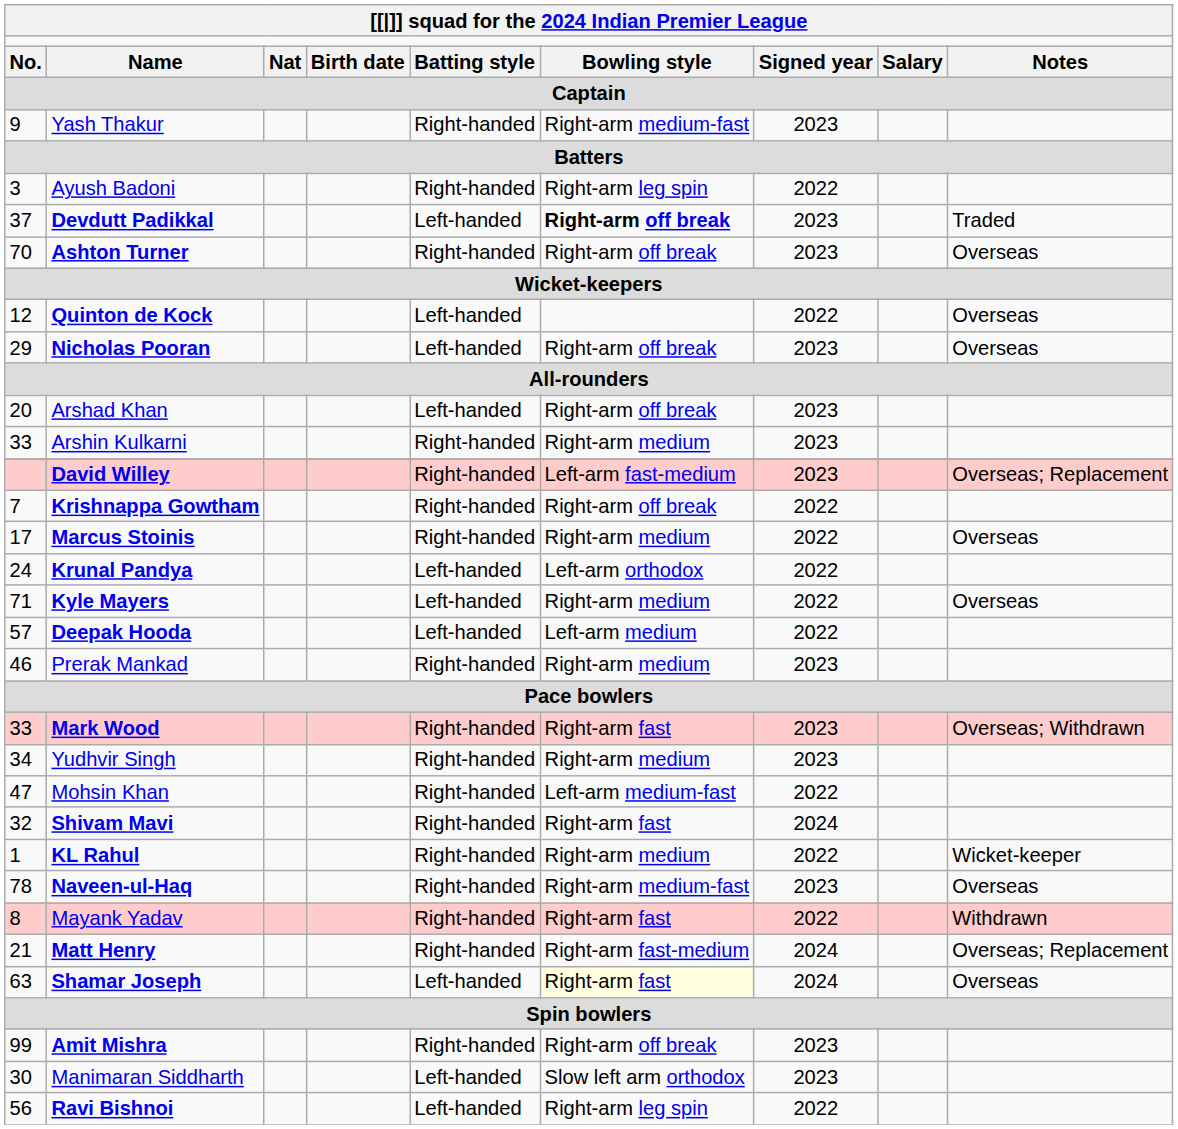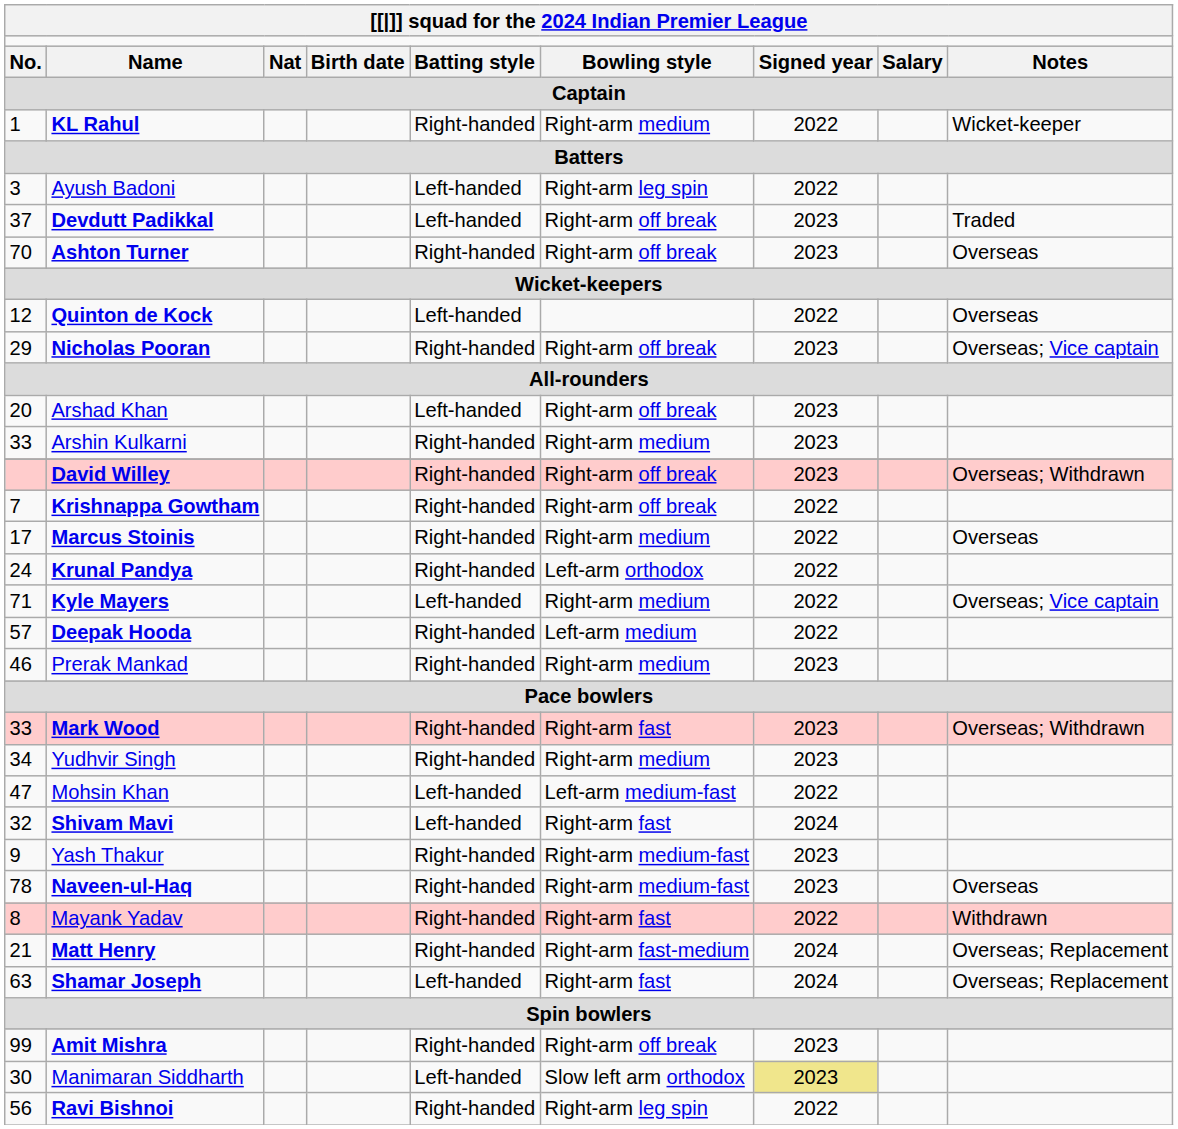 <table class="wikitable mw-collapsible mw-collapsed" style="font-size:85%">
 <tr>
 <th colspan="9" style="background:#"><span>[[|<span></span>]] squad for the <a href='#'><span>2024 Indian Premier League</span></a></span></th>
 </tr>
 <tr>
 <td colspan="9"></td>
 </tr>
 <tr>
 <th>No.</th>
 <th>Name</th>
 <th>Nat</th>
 <th>Birth date</th>
 <th>Batting style</th>
 <th>Bowling style</th>
 <th>Signed year</th>
 <th>Salary</th>
 <th>Notes</th>
 </tr>
 <tr>
 <th colspan="9"  style="background:#dcdcdc; text-align:center;">Captain</th>
 </tr>
 <tr>
-<td>9</td>
-<td><a href='#'>Yash Thakur</a></td>
+<td>1</td>
+<td><strong><a href='#'>KL Rahul</a></strong></td>
 <td></td>
 <td></td>
 <td>Right-handed</td>
-<td>Right-arm <a href='#'>medium-fast</a></td>
-<td style="text-align:center;">2023</td>
+<td>Right-arm <a href='#'>medium</a></td>
+<td style="text-align:center;">2022</td>
 <td style="text-align:right;"></td>
-<td></td>
+<td>Wicket-keeper</td>
 </tr>
 <tr>
 <th colspan="9"  style="background:#dcdcdc; text-align:center;">Batters</th>
 </tr>
 <tr>
 <td>3</td>
 <td><a href='#'>Ayush Badoni</a></td>
 <td></td>
 <td></td>
-<td>Right-handed</td>
+<td>Left-handed</td>
 <td>Right-arm <a href='#'>leg spin</a></td>
 <td style="text-align:center;">2022</td>
 <td style="text-align:right;"></td>
 <td></td>
 </tr>
 <tr>
 <td>37</td>
 <td><strong><a href='#'>Devdutt Padikkal</a></strong></td>
 <td></td>
 <td></td>
 <td>Left-handed</td>
-<td><strong>Right-arm <a href='#'>off break</a></strong></td>
+<td>Right-arm <a href='#'>off break</a></td>
 <td style="text-align:center;">2023</td>
 <td style="text-align:right;"></td>
 <td>Traded</td>
 </tr>
 <tr>
 <td>70</td>
 <td><strong><a href='#'>Ashton Turner</a></strong></td>
 <td></td>
 <td></td>
 <td>Right-handed</td>
 <td>Right-arm <a href='#'>off break</a></td>
 <td style="text-align:center;">2023</td>
 <td style="text-align:right;"></td>
 <td>Overseas</td>
 </tr>
 <tr>
 <th colspan="9"  style="background:#dcdcdc; text-align:center;">Wicket-keepers</th>
 </tr>
 <tr>
 <td>12</td>
 <td><strong><a href='#'>Quinton de Kock</a></strong></td>
 <td></td>
 <td></td>
 <td>Left-handed</td>
 <td></td>
 <td style="text-align:center;">2022</td>
 <td style="text-align:right;"></td>
 <td>Overseas</td>
 </tr>
 <tr>
 <td>29</td>
 <td><strong><a href='#'>Nicholas Pooran</a></strong></td>
 <td></td>
 <td></td>
-<td>Left-handed</td>
+<td>Right-handed</td>
 <td>Right-arm <a href='#'>off break</a></td>
 <td style="text-align:center;">2023</td>
 <td style="text-align:right;"></td>
-<td>Overseas</td>
+<td>Overseas; <a href='#'>Vice captain</a></td>
 </tr>
 <tr>
 <th colspan="9"  style="background:#dcdcdc; text-align:center;">All-rounders</th>
 </tr>
 <tr>
 <td>20</td>
 <td><a href='#'>Arshad Khan</a></td>
 <td></td>
 <td></td>
 <td>Left-handed</td>
 <td>Right-arm <a href='#'>off break</a></td>
 <td style="text-align:center;">2023</td>
 <td style="text-align:right;"></td>
 <td></td>
 </tr>
 <tr>
 <td>33</td>
 <td><a href='#'>Arshin Kulkarni</a></td>
 <td></td>
 <td></td>
 <td>Right-handed</td>
 <td>Right-arm <a href='#'>medium</a></td>
 <td style="text-align:center;">2023</td>
 <td style="text-align:right;"></td>
 <td></td>
 </tr>
 <tr>
 </tr>
 <tr style="background:#FFCCCC">
 <td></td>
 <td><strong><a href='#'>David Willey</a></strong></td>
 <td></td>
 <td></td>
 <td>Right-handed</td>
-<td>Left-arm <a href='#'>fast-medium</a></td>
+<td>Right-arm <a href='#'>off break</a></td>
 <td style="text-align:center;">2023</td>
 <td style="text-align:right;"></td>
-<td>Overseas; Replacement</td>
+<td>Overseas; Withdrawn</td>
 </tr>
 <tr>
 <td>7</td>
 <td><strong><a href='#'>Krishnappa Gowtham</a></strong></td>
 <td></td>
 <td></td>
 <td>Right-handed</td>
 <td>Right-arm <a href='#'>off break</a></td>
 <td style="text-align:center;">2022</td>
 <td style="text-align:right;"></td>
 <td></td>
 </tr>
 <tr>
 <td>17</td>
 <td><strong><a href='#'>Marcus Stoinis</a></strong></td>
 <td></td>
 <td></td>
 <td>Right-handed</td>
 <td>Right-arm <a href='#'>medium</a></td>
 <td style="text-align:center;">2022</td>
 <td style="text-align:right;"></td>
 <td>Overseas</td>
 </tr>
 <tr>
 <td>24</td>
 <td><strong><a href='#'>Krunal Pandya</a></strong></td>
 <td></td>
 <td></td>
-<td>Left-handed</td>
+<td>Right-handed</td>
 <td>Left-arm <a href='#'>orthodox</a></td>
 <td style="text-align:center;">2022</td>
 <td style="text-align:right;"></td>
 <td></td>
 </tr>
 <tr '>
 <td>71</td>
 <td><strong><a href='#'>Kyle Mayers</a></strong></td>
 <td></td>
 <td></td>
 <td>Left-handed</td>
 <td>Right-arm <a href='#'>medium</a></td>
 <td style="text-align:center;">2022</td>
 <td style="text-align:right;"></td>
-<td>Overseas</td>
+<td>Overseas; <a href='#'>Vice captain</a></td>
 </tr>
 <tr>
 <td>57</td>
 <td><strong><a href='#'>Deepak Hooda</a></strong></td>
 <td></td>
 <td></td>
-<td>Left-handed</td>
+<td>Right-handed</td>
 <td>Left-arm <a href='#'>medium</a></td>
 <td style="text-align:center;">2022</td>
 <td style="text-align:right;"></td>
 <td></td>
 </tr>
 <tr>
 <td>46</td>
 <td><a href='#'>Prerak Mankad</a></td>
 <td></td>
 <td></td>
 <td>Right-handed</td>
 <td>Right-arm <a href='#'>medium</a></td>
 <td style="text-align:center;">2023</td>
 <td style="text-align:right;"></td>
 <td></td>
 </tr>
 <tr>
 <th colspan="9"  style="background:#dcdcdc; text-align:center;">Pace bowlers</th>
 </tr>
 <tr style="background:#FFCCCC">
 <td>33</td>
 <td><a href='#'><strong>Mark Wood</strong></a></td>
 <td></td>
 <td></td>
 <td>Right-handed</td>
 <td>Right-arm <a href='#'>fast</a></td>
 <td style="text-align:center;">2023</td>
 <td style="text-align:center;"></td>
 <td>Overseas; Withdrawn</td>
 </tr>
 <tr>
 <td>34</td>
 <td><a href='#'>Yudhvir Singh</a></td>
 <td></td>
 <td></td>
 <td>Right-handed</td>
 <td>Right-arm <a href='#'>medium</a></td>
 <td style="text-align:center;">2023</td>
 <td style="text-align:right;"></td>
 <td></td>
 </tr>
 <tr>
 <td>47</td>
 <td><a href='#'>Mohsin Khan</a></td>
 <td></td>
 <td></td>
-<td>Right-handed</td>
+<td>Left-handed</td>
 <td>Left-arm <a href='#'>medium-fast</a></td>
 <td style="text-align:center;">2022</td>
 <td style="text-align:right;"></td>
 <td></td>
 </tr>
 <tr>
 <td>32</td>
 <td><strong><a href='#'>Shivam Mavi</a></strong></td>
 <td></td>
 <td></td>
-<td>Right-handed</td>
+<td>Left-handed</td>
 <td>Right-arm <a href='#'>fast</a></td>
 <td style="text-align:center;">2024</td>
 <td style="text-align:right;"></td>
 <td></td>
 </tr>
 <tr>
-<td>1</td>
-<td><strong><a href='#'>KL Rahul</a></strong></td>
+<td>9</td>
+<td><a href='#'>Yash Thakur</a></td>
 <td></td>
 <td></td>
 <td>Right-handed</td>
-<td>Right-arm <a href='#'>medium</a></td>
-<td style="text-align:center;">2022</td>
+<td>Right-arm <a href='#'>medium-fast</a></td>
+<td style="text-align:center;">2023</td>
 <td style="text-align:right;"></td>
-<td>Wicket-keeper</td>
+<td></td>
 </tr>
 <tr>
 <td>78</td>
 <td><strong><a href='#'>Naveen-ul-Haq</a></strong></td>
 <td></td>
 <td></td>
 <td>Right-handed</td>
 <td>Right-arm <a href='#'>medium-fast</a></td>
 <td style="text-align:center;">2023</td>
 <td style="text-align:right;"></td>
 <td>Overseas</td>
 </tr>
 <tr style="background:#FFCCCC">
 <td>8</td>
 <td><a href='#'>Mayank Yadav</a></td>
 <td></td>
 <td></td>
 <td>Right-handed</td>
 <td>Right-arm <a href='#'>fast</a></td>
 <td style="text-align:center;">2022</td>
 <td style="text-align:right;"></td>
 <td>Withdrawn</td>
 </tr>
 <tr>
 <td>21</td>
 <td><strong><a href='#'>Matt Henry</a></strong></td>
 <td></td>
 <td></td>
 <td>Right-handed</td>
 <td>Right-arm <a href='#'>fast-medium</a></td>
 <td style="text-align:center;">2024</td>
 <td style="text-align:right;"></td>
 <td>Overseas; Replacement</td>
 </tr>
 <tr>
 <td>63</td>
 <td><strong><a href='#'>Shamar Joseph</a></strong></td>
 <td></td>
 <td></td>
 <td>Left-handed</td>
-<td style="background: lightyellow;">Right-arm <a href='#'>fast</a></td>
+<td>Right-arm <a href='#'>fast</a></td>
 <td style="text-align:center;">2024</td>
 <td style="text-align:right;"></td>
-<td>Overseas</td>
+<td>Overseas; Replacement</td>
 </tr>
 <tr>
 <th colspan="9"  style="background:#dcdcdc; text-align:center;">Spin bowlers</th>
 </tr>
 <tr>
 <td>99</td>
 <td><strong><a href='#'>Amit Mishra</a></strong></td>
 <td></td>
 <td></td>
 <td>Right-handed</td>
 <td>Right-arm <a href='#'>off break</a></td>
 <td style="text-align:center;">2023</td>
 <td style="text-align:right;"></td>
 <td></td>
 </tr>
 <tr>
 <td>30</td>
 <td><a href='#'>Manimaran Siddharth</a></td>
 <td></td>
 <td></td>
 <td>Left-handed</td>
 <td>Slow left arm <a href='#'>orthodox</a></td>
-<td style="text-align:center;">2023</td>
+<td style="background: khaki; text-align:center;">2023</td>
 <td style="text-align:right;"></td>
 <td></td>
 </tr>
 <tr>
 <td>56</td>
 <td><strong><a href='#'>Ravi Bishnoi</a></strong></td>
 <td></td>
 <td></td>
-<td>Left-handed</td>
+<td>Right-handed</td>
 <td>Right-arm <a href='#'>leg spin</a></td>
 <td style="text-align:center;">2022</td>
 <td style="text-align:right;"></td>
 <td></td>
 </tr>
 </table>
